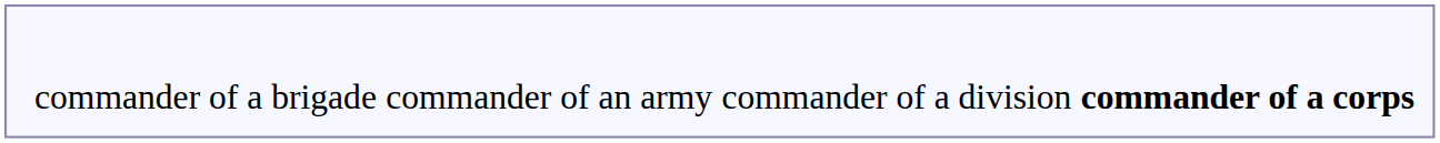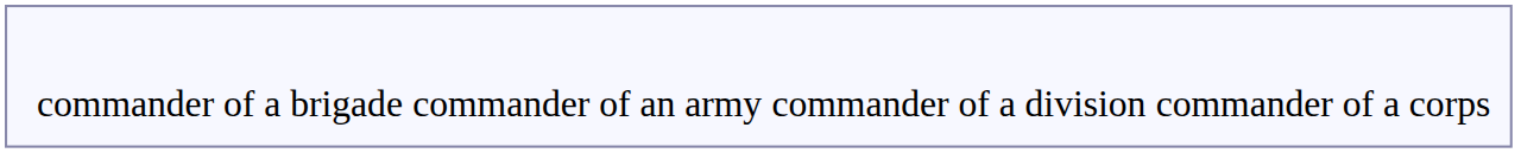 <table style="border:1px solid #8888aa; background-color:#f7f8ff; padding:5px; font-size:95%; margin: 0px 12px 12px 0px; text-align:center;">
 <tr>
 <td rowspan=2><strong></strong><br></td>
 <td></td>
 <td></td>
 <td></td>
 <td></td>
 </tr>
 <tr>
 <td><br>commander of a brigade</td>
 <td><br>commander of an army</td>
 <td><br>commander of a division</td>
-<td><strong><br>commander of a corps</strong></td>
+<td><br>commander of a corps</td>
 </tr>
 </table>
